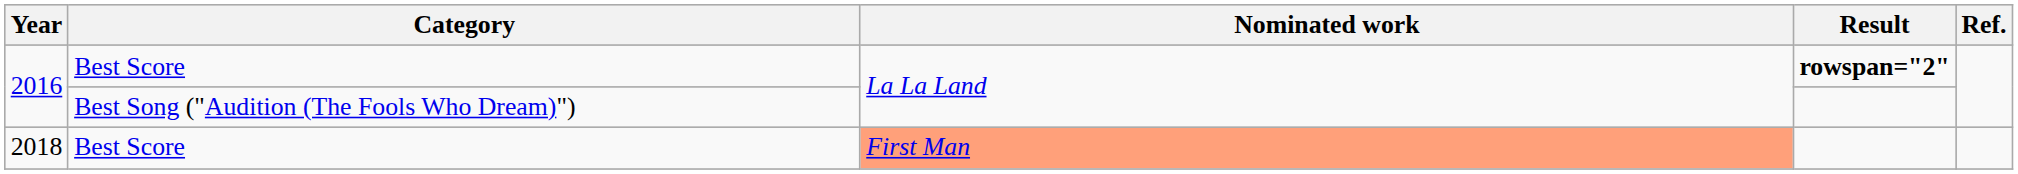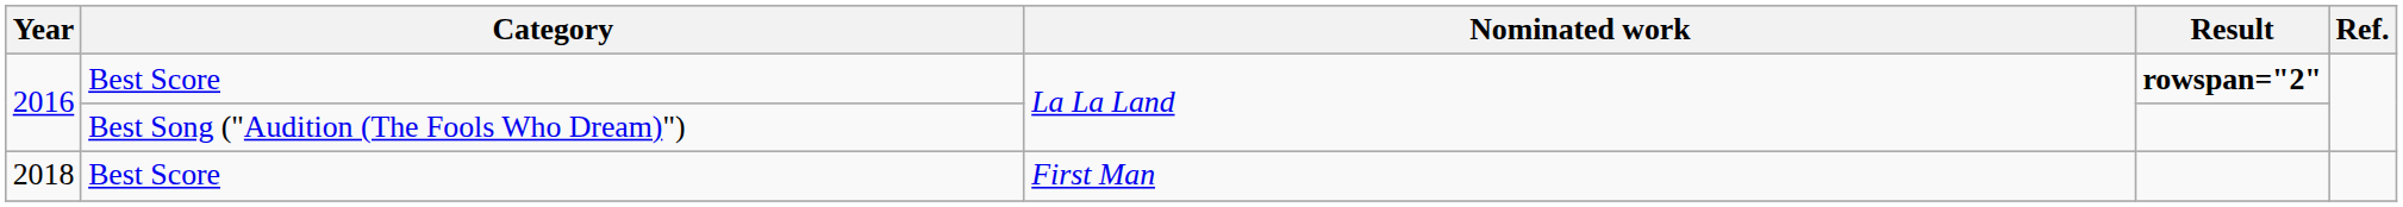 <table class=wikitable>
 <tr>
 <th scope="col" style="width:1em;">Year</th>
 <th scope="col" style="width:33em;">Category</th>
 <th scope="col" style="width:39em;">Nominated work</th>
 <th scope="col" style="width:5em;">Result</th>
 <th scope="col" style="width:1em;">Ref.</th>
 </tr>
 <tr>
 <td rowspan="2"><a href='#'>2016</a></td>
 <td><a href='#'>Best Score</a></td>
 <td rowspan="2"><em><a href='#'>La La Land</a></em></td>
 <td><strong>rowspan="2" </strong></td>
 <td rowspan="2"></td>
 </tr>
 <tr>
 <td><a href='#'>Best Song</a> ("<a href='#'>Audition (The Fools Who Dream)</a>")</td>
 </tr>
 <tr>
 <td St. Louis Gateway Film Critics Association 2018>2018</td>
 <td><a href='#'>Best Score</a></td>
-<td style="background: lightsalmon;"><em><a href='#'>First Man</a></em></td>
+<td><em><a href='#'>First Man</a></em></td>
 <td></td>
 <td style="text-align:center;"></td>
 </tr>
 </table>
